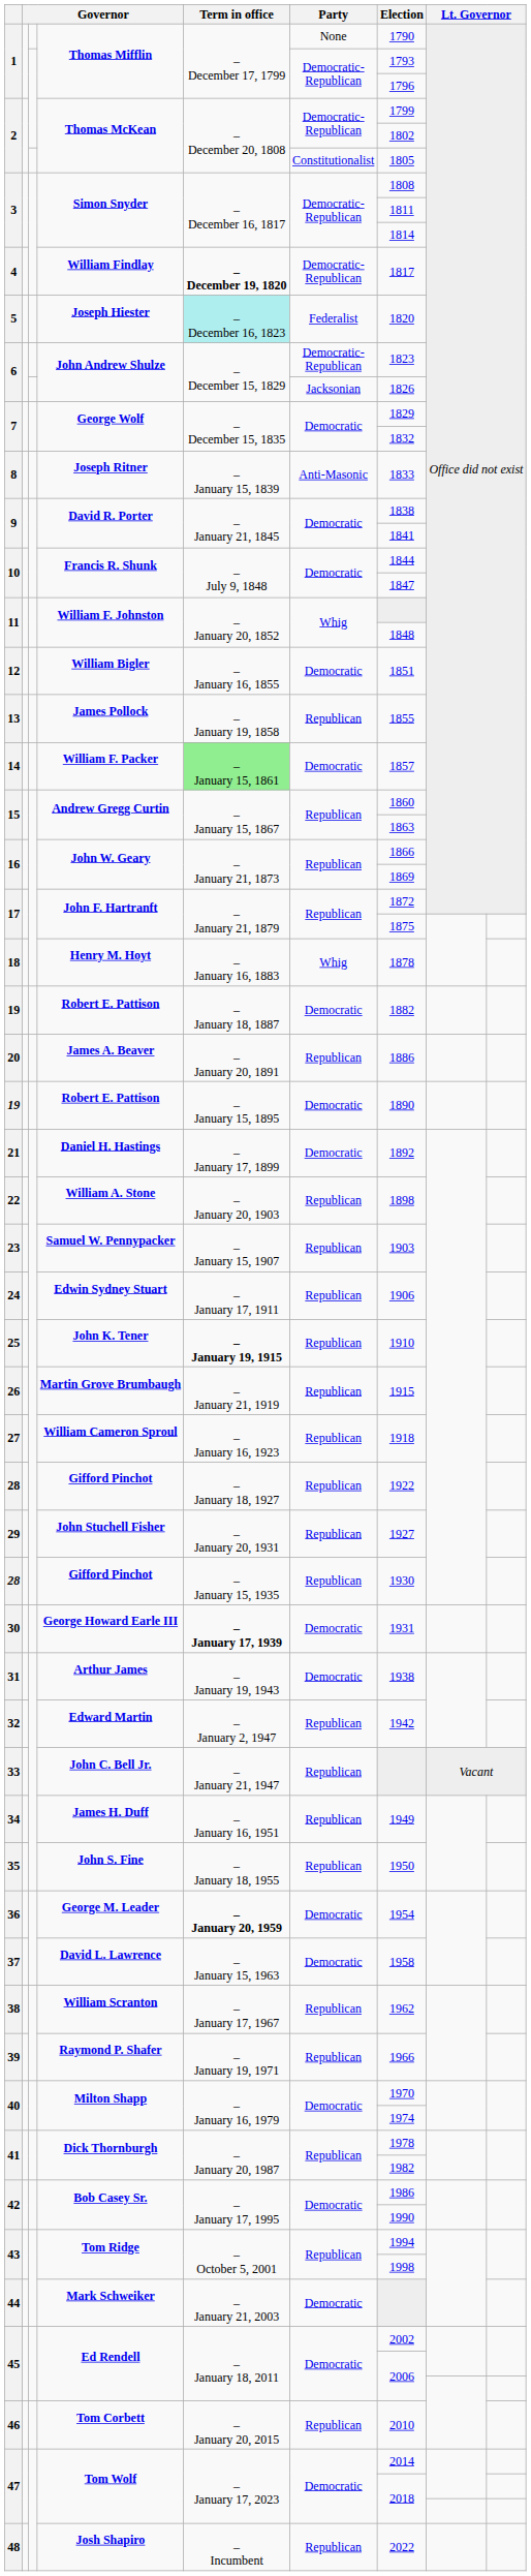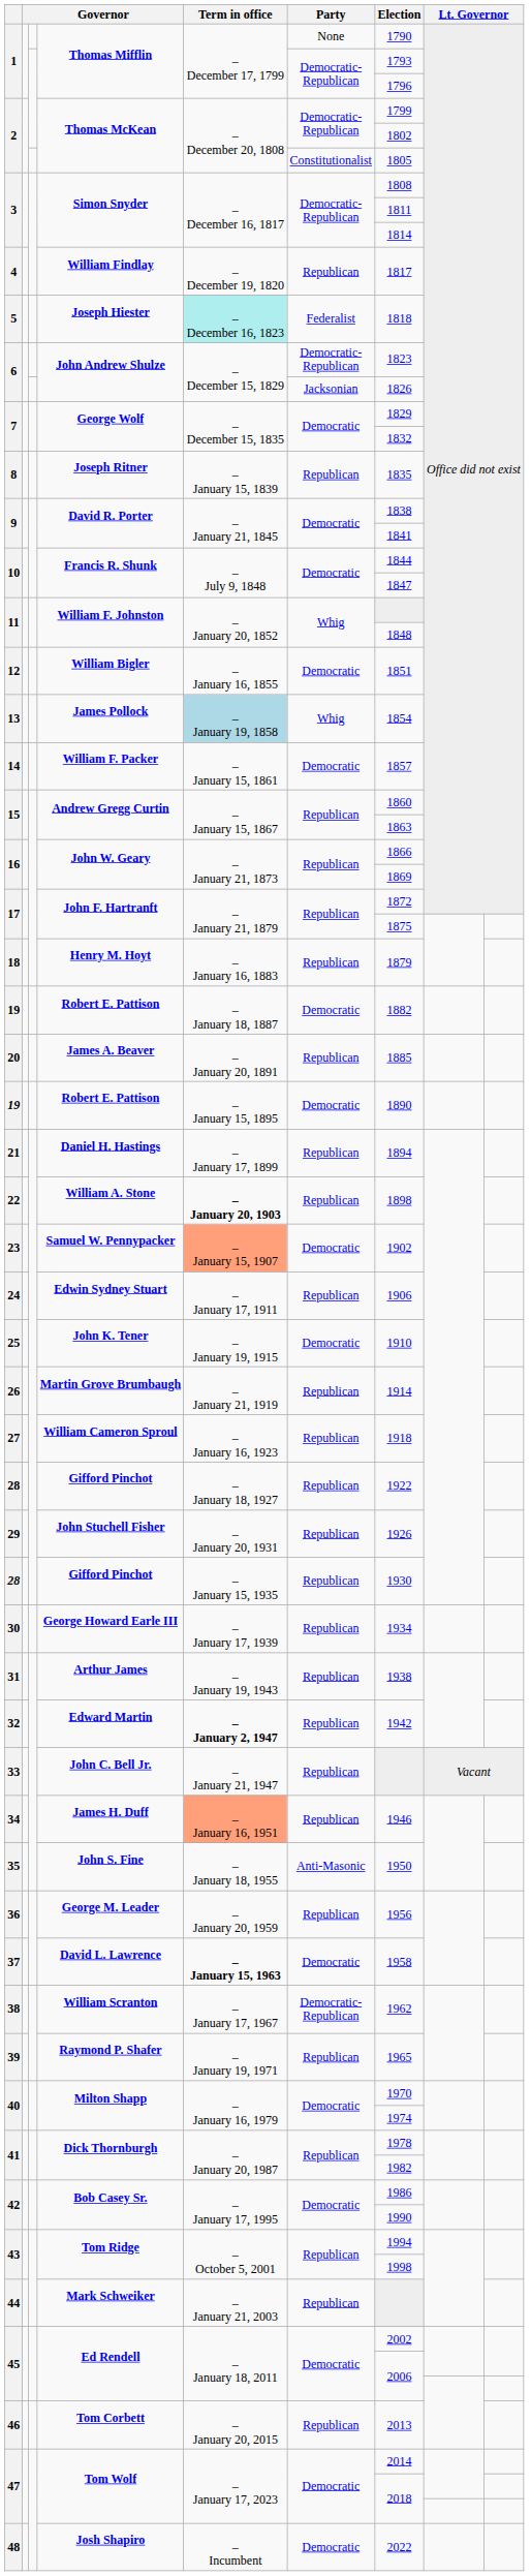 <table class="wikitable sortable mw-collapsible sticky-header-multi" style="text-align:center;">
 <tr>
 <th scope="col" data-sort-type="number"></th>
 <th scope="colgroup" colspan="3">Governor</th>
 <th scope="col">Term in office</th>
 <th scope="col">Party</th>
 <th scope="col">Election</th>
 <th scope="colgroup" colspan="2"><a href='#'>Lt. Governor</a></th>
 </tr>
 <tr style="height:2em;">
 <th rowspan="3" scope="rowgroup">1</th>
 <td rowspan="3" data-sort-value="Mifflin, Thomas"></td>
 <td style="background:"> </td>
 <td rowspan="3"><strong><a href='#'>Thomas Mifflin</a></strong><br><br></td>
 <td rowspan="3"><br>–<br>December 17, 1799<br></td>
 <td>None</td>
 <td><a href='#'>1790</a></td>
 <td rowspan="30" colspan="2" style="background:#EEEEEE;"><em>Office did not exist</em></td>
 </tr>
 <tr style="height:2em;">
 <td rowspan="4" style="color:inherit;background: "></td>
 <td rowspan="2"><a href='#'>Democratic-<br>Republican</a></td>
 <td><a href='#'>1793</a></td>
 </tr>
 <tr style="height:2em;">
 <td><a href='#'>1796</a></td>
 </tr>
 <tr style="height:2em;">
 <th rowspan="3" scope="rowgroup">2</th>
 <td rowspan="3" data-sort-value="McKean, Thomas"></td>
 <td rowspan="3"><strong><a href='#'>Thomas McKean</a></strong><br><br></td>
 <td rowspan="3"><br>–<br>December 20, 1808<br></td>
 <td rowspan="2"><a href='#'>Democratic-<br>Republican</a></td>
 <td><a href='#'>1799</a></td>
 </tr>
 <tr style="height:2em;">
 <td><a href='#'>1802</a></td>
 </tr>
 <tr style="height:2em;">
 <td rowspan="1" style="color:inherit;background: "></td>
 <td rowspan="1"><a href='#'>Constitutionalist</a></td>
 <td><a href='#'>1805</a></td>
 </tr>
 <tr style="height:2em;">
 <th rowspan="3" scope="rowgroup">3</th>
 <td rowspan="3" data-sort-value="Snyder, Simon"></td>
 <td rowspan="4" style="color:inherit;background: "></td>
 <td rowspan="3"><strong><a href='#'>Simon Snyder</a></strong><br><br></td>
 <td rowspan="3"><br>–<br>December 16, 1817<br></td>
 <td rowspan="3"><a href='#'>Democratic-<br>Republican</a></td>
 <td><a href='#'>1808</a></td>
 </tr>
 <tr style="height:2em;">
 <td><a href='#'>1811</a></td>
 </tr>
 <tr style="height:2em;">
 <td><a href='#'>1814</a></td>
 </tr>
 <tr style="height:2em;">
 <th scope="row">4</th>
 <td data-sort-value="Findlay, William"></td>
 <td><strong><a href='#'>William Findlay</a></strong><br><br></td>
-<td><strong><br>–<br>December 19, 1820<br></strong></td>
-<td><a href='#'>Democratic-<br>Republican</a></td>
+<td><br>–<br>December 19, 1820<br></td>
+<td><a href='#'>Republican</a></td>
 <td><a href='#'>1817</a></td>
 </tr>
 <tr style="height:2em;">
 <th scope="row">5</th>
 <td data-sort-value="Hiester, Joseph"></td>
 <td rowspan="1" style="color:inherit;background: "></td>
 <td><strong><a href='#'>Joseph Hiester</a></strong><br><br></td>
 <td style="background: paleturquoise;"><br>–<br>December 16, 1823<br></td>
 <td><a href='#'>Federalist</a></td>
-<td><a href='#'>1820</a></td>
+<td><a href='#'>1818</a></td>
 </tr>
 <tr style="height:2em;">
 <th rowspan="2" scope="rowgroup">6</th>
 <td rowspan="2" data-sort-value="Shulze, John"></td>
 <td rowspan="1" style="color:inherit;background: "></td>
 <td rowspan="2"><strong><a href='#'>John Andrew Shulze</a></strong><br><br></td>
 <td rowspan="2"><br>–<br>December 15, 1829<br></td>
 <td rowspan="1"><a href='#'>Democratic-<br>Republican</a></td>
 <td><a href='#'>1823</a></td>
 </tr>
 <tr style="height:2em;">
 <td rowspan="1" style="color:inherit;background: "></td>
 <td rowspan="1"><a href='#'>Jacksonian</a></td>
 <td><a href='#'>1826</a></td>
 </tr>
 <tr style="height:2em;">
 <th rowspan="2" scope="rowgroup">7</th>
 <td rowspan="2" data-sort-value="Wolf, George"></td>
 <td rowspan="2" style="color:inherit;background: "></td>
 <td rowspan="2"><strong><a href='#'>George Wolf</a></strong><br><br></td>
 <td rowspan="2"><br>–<br>December 15, 1835<br></td>
 <td rowspan="2"><a href='#'>Democratic</a></td>
 <td><a href='#'>1829</a></td>
 </tr>
 <tr style="height:2em;">
 <td><a href='#'>1832</a></td>
 </tr>
 <tr style="height:2em;">
 <th scope="row">8</th>
 <td data-sort-value="Ritner, Joseph"></td>
 <td style="color:inherit;background: "></td>
 <td><strong><a href='#'>Joseph Ritner</a></strong><br><br></td>
 <td><br>–<br>January 15, 1839<br></td>
-<td><a href='#'>Anti-Masonic</a></td>
-<td><a href='#'>1833</a></td>
+<td><a href='#'>Republican</a></td>
+<td><a href='#'>1835</a></td>
 </tr>
 <tr style="height:2em;">
 <th rowspan="2" scope="rowgroup">9</th>
 <td rowspan="2" data-sort-value="Porter, David"></td>
 <td rowspan="4" style="color:inherit;background: "></td>
 <td rowspan="2"><strong><a href='#'>David R. Porter</a></strong><br><br></td>
 <td rowspan="2"><br>–<br>January 21, 1845<br></td>
 <td rowspan="2"><a href='#'>Democratic</a></td>
 <td><a href='#'>1838</a></td>
 </tr>
 <tr style="height:2em;">
 <td><a href='#'>1841</a></td>
 </tr>
 <tr style="height:2em;">
 <th rowspan="2" scope="rowgroup">10</th>
 <td rowspan="2" data-sort-value="Shunk, Francis"></td>
 <td rowspan="2"><strong><a href='#'>Francis R. Shunk</a></strong><br><br></td>
 <td rowspan="2"><br>–<br>July 9, 1848<br></td>
 <td rowspan="2"><a href='#'>Democratic</a></td>
 <td><a href='#'>1844</a></td>
 </tr>
 <tr style="height:2em;">
 <td><a href='#'>1847</a></td>
 </tr>
 <tr style="height:2em;">
 <th rowspan="2" scope="rowgroup">11</th>
 <td rowspan="2" data-sort-value="Johnston, William"></td>
 <td rowspan="2" style="color:inherit;background: "></td>
 <td rowspan="2"><strong><a href='#'>William F. Johnston</a></strong><br><br></td>
 <td rowspan="2"><br>–<br>January 20, 1852<br></td>
 <td rowspan="2"><a href='#'>Whig</a></td>
 <td style="background:#EEEEEE;"></td>
 </tr>
 <tr style="height:2em;">
 <td><a href='#'>1848</a></td>
 </tr>
 <tr style="height:2em;">
 <th scope="row">12</th>
 <td data-sort-value="Bigler, William"></td>
 <td style="color:inherit;background: "></td>
 <td><strong><a href='#'>William Bigler</a></strong><br><br></td>
 <td><br>–<br>January 16, 1855<br></td>
 <td><a href='#'>Democratic</a></td>
 <td><a href='#'>1851</a></td>
 </tr>
 <tr style="height:2em;">
 <th scope="row">13</th>
 <td data-sort-value="Pollock, James"></td>
 <td style="color:inherit;background: "></td>
 <td><strong><a href='#'>James Pollock</a></strong><br><br></td>
-<td><br>–<br>January 19, 1858<br></td>
-<td><a href='#'>Republican</a></td>
-<td><a href='#'>1855</a></td>
+<td style="background: lightblue;"><br>–<br>January 19, 1858<br></td>
+<td><a href='#'>Whig</a></td>
+<td><a href='#'>1854</a></td>
 </tr>
 <tr style="height:2em;">
 <th scope="row">14</th>
 <td data-sort-value="Packer, William"></td>
 <td style="color:inherit;background: "></td>
 <td><strong><a href='#'>William F. Packer</a></strong><br><br></td>
-<td style="background: lightgreen;"><br>–<br>January 15, 1861<br></td>
+<td><br>–<br>January 15, 1861<br></td>
 <td><a href='#'>Democratic</a></td>
 <td><a href='#'>1857</a></td>
 </tr>
 <tr style="height:2em;">
 <th rowspan="2" scope="rowgroup">15</th>
 <td rowspan="2" data-sort-value="Curtin, Andrew"></td>
 <td rowspan="7" style="color:inherit;background: "></td>
 <td rowspan="2"><strong><a href='#'>Andrew Gregg Curtin</a></strong><br><br></td>
 <td rowspan="2"><br>–<br>January 15, 1867<br></td>
 <td rowspan="2"><a href='#'>Republican</a></td>
 <td><a href='#'>1860</a></td>
 </tr>
 <tr style="height:2em;">
 <td><a href='#'>1863</a></td>
 </tr>
 <tr style="height:2em;">
 <th rowspan="2" scope="rowgroup">16</th>
 <td rowspan="2" data-sort-value="Geary, John"></td>
 <td rowspan="2"><strong><a href='#'>John W. Geary</a></strong><br><br></td>
 <td rowspan="2"><br>–<br>January 21, 1873<br></td>
 <td rowspan="2"><a href='#'>Republican</a></td>
 <td><a href='#'>1866</a></td>
 </tr>
 <tr style="height:2em;">
 <td><a href='#'>1869</a></td>
 </tr>
 <tr style="height:2em;">
 <th rowspan="2" scope="rowgroup">17</th>
 <td rowspan="2" data-sort-value="Hartranft, John"></td>
 <td rowspan="2"><strong><a href='#'>John F. Hartranft</a></strong><br><br></td>
 <td rowspan="2"><br>–<br>January 21, 1879<br></td>
 <td rowspan="2"><a href='#'>Republican</a></td>
 <td><a href='#'>1872</a></td>
 </tr>
 <tr style="height:2em;">
 <td><a href='#'>1875</a></td>
 <td rowspan="2" style="background: "> </td>
 <td></td>
 </tr>
 <tr style="height:2em;">
 <th scope="row">18</th>
 <td data-sort-value="Hoyt, Henry"></td>
 <td><strong><a href='#'>Henry M. Hoyt</a></strong><br><br></td>
 <td><br>–<br>January 16, 1883<br></td>
-<td><a href='#'>Whig</a></td>
-<td><a href='#'>1878</a></td>
+<td><a href='#'>Republican</a></td>
+<td><a href='#'>1879</a></td>
 <td></td>
 </tr>
 <tr style="height:2em;">
 <th scope="row">19</th>
 <td data-sort-value="Pattison, Robert"></td>
 <td style="color:inherit;background: "></td>
 <td><strong><a href='#'>Robert E. Pattison</a></strong><br><br></td>
 <td><br>–<br>January 18, 1887<br></td>
 <td><a href='#'>Democratic</a></td>
 <td><a href='#'>1882</a></td>
 <td style="color:inherit;background: "></td>
 <td></td>
 </tr>
 <tr style="height:2em;">
 <th scope="row">20</th>
 <td data-sort-value="Beaver, James"></td>
 <td style="color:inherit;background: "></td>
 <td><strong><a href='#'>James A. Beaver</a></strong><br><br></td>
 <td><br>–<br>January 20, 1891<br></td>
 <td><a href='#'>Republican</a></td>
-<td><a href='#'>1886</a></td>
+<td><a href='#'>1885</a></td>
 <td style="color:inherit;background: "></td>
 <td></td>
 </tr>
 <tr style="height:2em;">
 <th scope="row"><em>19</em></th>
 <td data-sort-value="Pattison, Robert"></td>
 <td style="color:inherit;background: "></td>
 <td><strong><a href='#'>Robert E. Pattison</a></strong><br><br></td>
 <td><br>–<br>January 15, 1895<br></td>
 <td><a href='#'>Democratic</a></td>
 <td><a href='#'>1890</a></td>
 <td style="color:inherit;background: "></td>
 <td></td>
 </tr>
 <tr style="height:2em;">
 <th scope="row">21</th>
 <td data-sort-value="Hastings, Daniel"></td>
 <td rowspan="10" style="color:inherit;background: "></td>
 <td><strong><a href='#'>Daniel H. Hastings</a></strong><br><br></td>
 <td><br>–<br>January 17, 1899<br></td>
-<td><a href='#'>Democratic</a></td>
-<td><a href='#'>1892</a></td>
+<td><a href='#'>Republican</a></td>
+<td><a href='#'>1894</a></td>
 <td rowspan="10" style="color:inherit;background: "></td>
 <td></td>
 </tr>
 <tr style="height:2em;">
 <th scope="row">22</th>
 <td data-sort-value="Stone, William"></td>
 <td><strong><a href='#'>William A. Stone</a></strong><br><br></td>
-<td><br>–<br>January 20, 1903<br></td>
+<td><strong><br>–<br>January 20, 1903<br></strong></td>
 <td><a href='#'>Republican</a></td>
 <td><a href='#'>1898</a></td>
 <td></td>
 </tr>
 <tr style="height:2em;">
 <th scope="row">23</th>
 <td data-sort-value="Pennybacker, Samuel"></td>
 <td><strong><a href='#'>Samuel W. Pennypacker</a></strong><br><br></td>
-<td><br>–<br>January 15, 1907<br></td>
-<td><a href='#'>Republican</a></td>
-<td><a href='#'>1903</a></td>
+<td style="background: lightsalmon;"><br>–<br>January 15, 1907<br></td>
+<td><a href='#'>Democratic</a></td>
+<td><a href='#'>1902</a></td>
 <td></td>
 </tr>
 <tr style="height:2em;">
 <th scope="row">24</th>
 <td data-sort-value="Stuart, Edwin"></td>
 <td><strong><a href='#'>Edwin Sydney Stuart</a></strong><br><br></td>
 <td><br>–<br>January 17, 1911<br></td>
 <td><a href='#'>Republican</a></td>
 <td><a href='#'>1906</a></td>
 <td></td>
 </tr>
 <tr style="height:2em;">
 <th scope="row">25</th>
 <td data-sort-value="Tener, John"></td>
 <td><strong><a href='#'>John K. Tener</a></strong><br><br></td>
-<td><strong><br>–<br>January 19, 1915<br></strong></td>
-<td><a href='#'>Republican</a></td>
+<td><br>–<br>January 19, 1915<br></td>
+<td><a href='#'>Democratic</a></td>
 <td><a href='#'>1910</a></td>
 <td></td>
 </tr>
 <tr style="height:2em;">
 <th scope="row">26</th>
 <td data-sort-value="Brumbaugh, Martin"></td>
 <td><strong><a href='#'>Martin Grove Brumbaugh</a></strong><br><br></td>
 <td><br>–<br>January 21, 1919<br></td>
 <td><a href='#'>Republican</a></td>
-<td><a href='#'>1915</a></td>
+<td><a href='#'>1914</a></td>
 <td></td>
 </tr>
 <tr style="height:2em;">
 <th scope="row">27</th>
 <td data-sort-value="Sproul, William"></td>
 <td><strong><a href='#'>William Cameron Sproul</a></strong><br><br></td>
 <td><br>–<br>January 16, 1923<br></td>
 <td><a href='#'>Republican</a></td>
 <td><a href='#'>1918</a></td>
 <td></td>
 </tr>
 <tr style="height:2em;">
 <th scope="row">28</th>
 <td data-sort-value="Pinchot, Gifford"></td>
 <td><strong><a href='#'>Gifford Pinchot</a></strong><br><br></td>
 <td><br>–<br>January 18, 1927<br></td>
 <td><a href='#'>Republican</a></td>
 <td><a href='#'>1922</a></td>
 <td></td>
 </tr>
 <tr style="height:2em;">
 <th scope="row">29</th>
 <td data-sort-value="Fisher, John"></td>
 <td><strong><a href='#'>John Stuchell Fisher</a></strong><br><br></td>
 <td><br>–<br>January 20, 1931<br></td>
 <td><a href='#'>Republican</a></td>
-<td><a href='#'>1927</a></td>
+<td><a href='#'>1926</a></td>
 <td></td>
 </tr>
 <tr style="height:2em;">
 <th scope="row"><em>28</em></th>
 <td data-sort-value="Pinchot, Gifford"></td>
 <td><strong><a href='#'>Gifford Pinchot</a></strong><br><br></td>
 <td><br>–<br>January 15, 1935<br></td>
 <td><a href='#'>Republican</a></td>
 <td><a href='#'>1930</a></td>
 <td></td>
 </tr>
 <tr style="height:2em;">
 <th scope="row">30</th>
 <td data-sort-value="Earle, George"></td>
 <td style="color:inherit;background: "></td>
 <td><strong><a href='#'>George Howard Earle III</a></strong><br><br></td>
-<td><strong><br>–<br>January 17, 1939<br></strong></td>
-<td><a href='#'>Democratic</a></td>
-<td><a href='#'>1931</a></td>
+<td><br>–<br>January 17, 1939<br></td>
+<td><a href='#'>Republican</a></td>
+<td><a href='#'>1934</a></td>
 <td style="color:inherit;background: "></td>
 <td></td>
 </tr>
 <tr style="height:2em;">
 <th scope="row">31</th>
 <td data-sort-value="James, Arthur"></td>
 <td rowspan="5" style="color:inherit;background: "></td>
 <td><strong><a href='#'>Arthur James</a></strong><br><br></td>
 <td><br>–<br>January 19, 1943<br></td>
-<td><a href='#'>Democratic</a></td>
+<td><a href='#'>Republican</a></td>
 <td><a href='#'>1938</a></td>
 <td rowspan="2" style="color:inherit;background: "></td>
 <td></td>
 </tr>
 <tr style="height:2em;">
 <th scope="row">32</th>
 <td data-sort-value="Martin, Edward"></td>
 <td><strong><a href='#'>Edward Martin</a></strong><br><br></td>
-<td><br>–<br>January 2, 1947<br></td>
+<td><strong><br>–<br>January 2, 1947<br></strong></td>
 <td><a href='#'>Republican</a></td>
 <td><a href='#'>1942</a></td>
 <td></td>
 </tr>
 <tr style="height:2em;">
 <th scope="row">33</th>
 <td data-sort-value="Bell, John"></td>
 <td><strong><a href='#'>John C. Bell Jr.</a></strong><br><br></td>
 <td><br>–<br>January 21, 1947<br></td>
 <td><a href='#'>Republican</a></td>
 <td style="background:#EEEEEE;"></td>
 <td colspan="2" style="background:#EEEEEE;"><em>Vacant</em></td>
 </tr>
 <tr style="height:2em;">
 <th scope="row">34</th>
 <td data-sort-value="Duff, James"></td>
 <td><strong><a href='#'>James H. Duff</a></strong><br><br></td>
-<td><br>–<br>January 16, 1951<br></td>
+<td style="background: lightsalmon;"><br>–<br>January 16, 1951<br></td>
 <td><a href='#'>Republican</a></td>
-<td><a href='#'>1949</a></td>
+<td><a href='#'>1946</a></td>
 <td rowspan="2" style="color:inherit;background: "></td>
 <td></td>
 </tr>
 <tr style="height:2em;">
 <th scope="row">35</th>
 <td data-sort-value="Fine, Jonh"></td>
 <td><strong><a href='#'>John S. Fine</a></strong><br><br></td>
 <td><br>–<br>January 18, 1955<br></td>
-<td><a href='#'>Republican</a></td>
+<td><a href='#'>Anti-Masonic</a></td>
 <td><a href='#'>1950</a></td>
 <td></td>
 </tr>
 <tr style="height:2em;">
 <th scope="row">36</th>
 <td data-sort-value="Leader, George"></td>
 <td rowspan="2" style="color:inherit;background: "></td>
 <td><strong><a href='#'>George M. Leader</a></strong><br><br></td>
-<td><strong><br>–<br>January 20, 1959<br></strong></td>
-<td><a href='#'>Democratic</a></td>
-<td><a href='#'>1954</a></td>
+<td><br>–<br>January 20, 1959<br></td>
+<td><a href='#'>Republican</a></td>
+<td><a href='#'>1956</a></td>
 <td rowspan="2" style="color:inherit;background: "></td>
 <td></td>
 </tr>
 <tr style="height:2em;">
 <th scope="row">37</th>
 <td data-sort-value="Lawrence, David"></td>
 <td><strong><a href='#'>David L. Lawrence</a></strong><br><br></td>
-<td><br>–<br>January 15, 1963<br></td>
+<td><strong><br>–<br>January 15, 1963<br></strong></td>
 <td><a href='#'>Democratic</a></td>
 <td><a href='#'>1958</a></td>
 <td></td>
 </tr>
 <tr style="height:2em;">
 <th scope="row">38</th>
 <td data-sort-value="Scranton, William"></td>
 <td rowspan="2" style="color:inherit;background: "></td>
 <td><strong><a href='#'>William Scranton</a></strong><br><br></td>
 <td><br>–<br>January 17, 1967<br></td>
-<td><a href='#'>Republican</a></td>
+<td><a href='#'>Democratic-<br>Republican</a></td>
 <td><a href='#'>1962</a></td>
 <td rowspan="2" style="color:inherit;background: "></td>
 <td></td>
 </tr>
 <tr style="height:2em;">
 <th scope="row">39</th>
 <td data-sort-value="Shafer, Raymond"></td>
 <td><strong><a href='#'>Raymond P. Shafer</a></strong><br><br></td>
 <td><br>–<br>January 19, 1971<br></td>
 <td><a href='#'>Republican</a></td>
-<td><a href='#'>1966</a></td>
+<td><a href='#'>1965</a></td>
 <td></td>
 </tr>
 <tr style="height:2em;">
 <th rowspan="2" scope="rowgroup">40</th>
 <td rowspan="2" data-sort-value="Shapp, Milton"></td>
 <td rowspan="2" style="color:inherit;background: "></td>
 <td rowspan="2"><strong><a href='#'>Milton Shapp</a></strong><br><br></td>
 <td rowspan="2"><br>–<br>January 16, 1979<br></td>
 <td rowspan="2"><a href='#'>Democratic</a></td>
 <td><a href='#'>1970</a></td>
 <td rowspan="2" style="color:inherit;background: "></td>
 <td rowspan="2"></td>
 </tr>
 <tr style="height:2em;">
 <td><a href='#'>1974</a></td>
 </tr>
 <tr style="height:2em;">
 <th rowspan="2" scope="rowgroup">41</th>
 <td rowspan="2" data-sort-value="Thornburgh, Dick"></td>
 <td rowspan="2" style="color:inherit;background: "></td>
 <td rowspan="2"><strong><a href='#'>Dick Thornburgh</a></strong><br><br></td>
 <td rowspan="2"><br>–<br>January 20, 1987<br></td>
 <td rowspan="2"><a href='#'>Republican</a></td>
 <td><a href='#'>1978</a></td>
 <td rowspan="2" style="color:inherit;background: "></td>
 <td rowspan="2"></td>
 </tr>
 <tr style="height:2em;">
 <td><a href='#'>1982</a></td>
 </tr>
 <tr style="height:2em;">
 <th rowspan="2" scope="rowgroup">42</th>
 <td rowspan="2" data-sort-value="Casey, Bob"></td>
 <td rowspan="2" style="color:inherit;background: "></td>
 <td rowspan="2"><strong><a href='#'>Bob Casey Sr.</a></strong><br><br></td>
 <td rowspan="2"><br>–<br>January 17, 1995<br></td>
 <td rowspan="2"><a href='#'>Democratic</a></td>
 <td><a href='#'>1986</a></td>
 <td rowspan="2" style="color:inherit;background: "></td>
 <td rowspan="2"></td>
 </tr>
 <tr style="height:2em;">
 <td><a href='#'>1990</a></td>
 </tr>
 <tr style="height:2em;">
 <th rowspan="2" scope="rowgroup">43</th>
 <td rowspan="2" data-sort-value="Ridge, Tom"></td>
 <td rowspan="3" style="color:inherit;background: "></td>
 <td rowspan="2"><strong><a href='#'>Tom Ridge</a></strong><br><br></td>
 <td rowspan="2"><br>–<br>October 5, 2001<br></td>
 <td rowspan="2"><a href='#'>Republican</a></td>
 <td><a href='#'>1994</a></td>
 <td rowspan="3" style="color:inherit;background: "></td>
 <td rowspan="2"></td>
 </tr>
 <tr style="height:2em;">
 <td><a href='#'>1998</a></td>
 </tr>
 <tr style="height:2em;">
 <th scope="row">44</th>
 <td data-sort-value="Schweiker, Mark"></td>
 <td><strong><a href='#'>Mark Schweiker</a></strong><br><br></td>
 <td><br>–<br>January 21, 2003<br></td>
-<td><a href='#'>Democratic</a></td>
+<td><a href='#'>Republican</a></td>
 <td style="background:#EEEEEE;"></td>
 <td></td>
 </tr>
 <tr style="height:2em;">
 <th rowspan="3" scope="rowgroup">45</th>
 <td rowspan="3" data-sort-value="Rendell, Ed"></td>
 <td rowspan="3" style="color:inherit;background: "></td>
 <td rowspan="3"><strong><a href='#'>Ed Rendell</a></strong><br><br></td>
 <td rowspan="3"><br>–<br>January 18, 2011<br></td>
 <td rowspan="3"><a href='#'>Democratic</a></td>
 <td><a href='#'>2002</a></td>
 <td rowspan="2" style="color:inherit;background: "></td>
 <td rowspan="2"><br></td>
 </tr>
 <tr style="height:2em;">
 <td rowspan="2"><a href='#'>2006</a></td>
 </tr>
 <tr style="height:2em;">
 <td rowspan="2" style="color:inherit;background: "></td>
 <td><br></td>
 </tr>
 <tr style="height:2em;">
 <th scope="row">46</th>
 <td data-sort-value="Corbett, Tom"></td>
 <td style="color:inherit;background: "></td>
 <td><strong><a href='#'>Tom Corbett</a></strong><br><br></td>
 <td><br>–<br>January 20, 2015<br></td>
 <td><a href='#'>Republican</a></td>
-<td><a href='#'>2010</a></td>
+<td><a href='#'>2013</a></td>
 <td></td>
 </tr>
 <tr style="height:2em;">
 <th rowspan="3" scope="rowgroup">47</th>
 <td rowspan="3" data-sort-value="Wolf, Tom"></td>
 <td rowspan="4" style="color:inherit;background: "></td>
 <td rowspan="3"><strong><a href='#'>Tom Wolf</a></strong><br><br></td>
 <td rowspan="3"><br>–<br>January 17, 2023<br></td>
 <td rowspan="3"><a href='#'>Democratic</a></td>
 <td><a href='#'>2014</a></td>
 <td rowspan="2" style="color:inherit;background: "></td>
 <td></td>
 </tr>
 <tr style="height:2em;">
 <td rowspan="2"><a href='#'>2018</a></td>
 <td><br></td>
 </tr>
 <tr style="height:2em;">
 <td style="color:inherit;background: "></td>
 <td><br></td>
 </tr>
 <tr style="height:2em;">
 <th scope="row">48</th>
 <td data-sort-value="Shapiro, Josh"></td>
 <td><strong><a href='#'>Josh Shapiro</a></strong><br><br></td>
 <td><br>–<br>Incumbent</td>
-<td><a href='#'>Republican</a></td>
+<td><a href='#'>Democratic</a></td>
 <td><a href='#'>2022</a></td>
 <td style="color:inherit;background: "></td>
 <td></td>
 </tr>
 </table>
